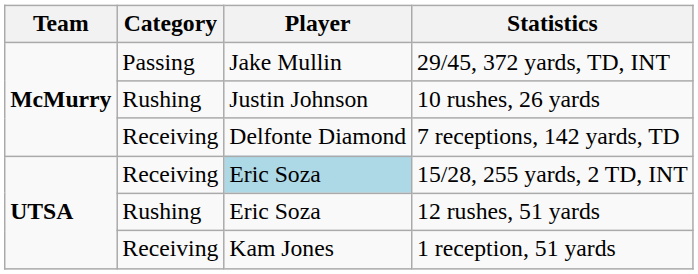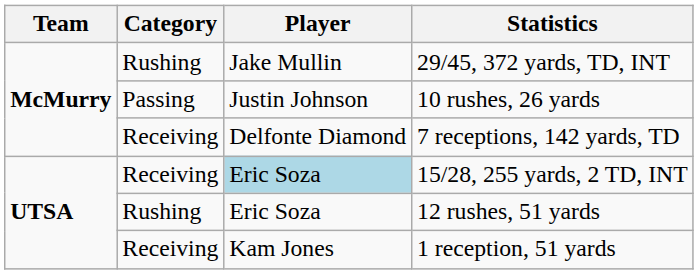 <table class="wikitable" style="float: left;">
 <tr>
 <th>Team</th>
 <th>Category</th>
 <th>Player</th>
 <th>Statistics</th>
 </tr>
 <tr>
 <td rowspan=3><strong>McMurry</strong></td>
-<td>Passing</td>
+<td>Rushing</td>
 <td>Jake Mullin</td>
 <td>29/45, 372 yards, TD, INT</td>
 </tr>
 <tr>
-<td>Rushing</td>
+<td>Passing</td>
 <td>Justin Johnson</td>
 <td>10 rushes, 26 yards</td>
 </tr>
 <tr>
 <td>Receiving</td>
 <td>Delfonte Diamond</td>
 <td>7 receptions, 142 yards, TD</td>
 </tr>
 <tr>
 <td rowspan=3><strong>UTSA</strong></td>
 <td>Receiving</td>
 <td style="background: lightblue;">Eric Soza</td>
 <td>15/28, 255 yards, 2 TD, INT</td>
 </tr>
 <tr>
 <td>Rushing</td>
 <td>Eric Soza</td>
 <td>12 rushes, 51 yards</td>
 </tr>
 <tr>
 <td>Receiving</td>
 <td>Kam Jones</td>
 <td>1 reception, 51 yards</td>
 </tr>
 </table>
